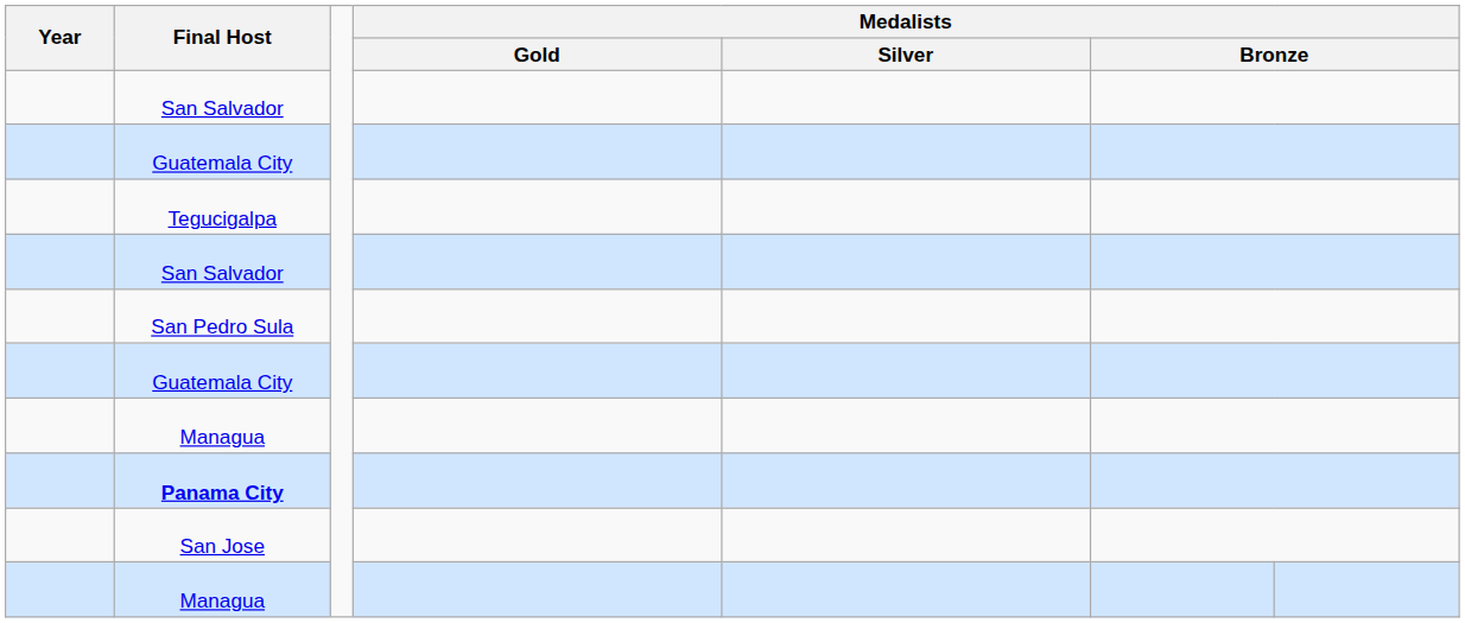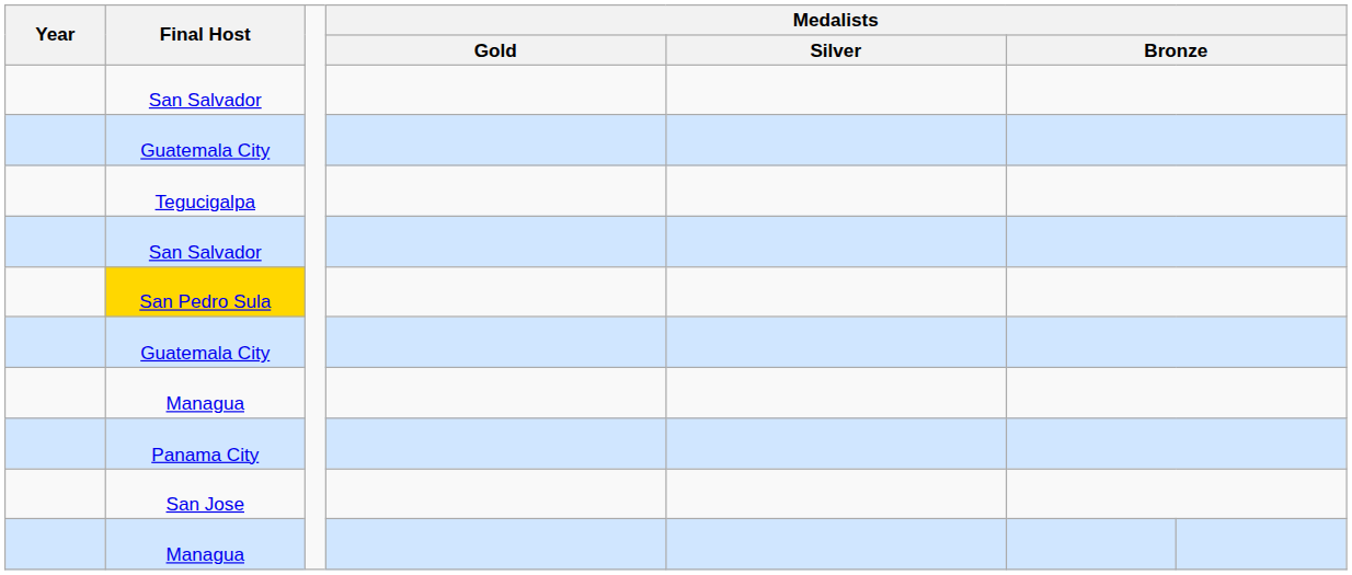 <table class="wikitable" style="font-size:90%; width:65%; text-align: center;">
 <tr>
 <th rowspan="2" style="width:5%;">Year</th>
 <th rowspan="2" style="width:10%;">Final Host</th>
 <td rowspan="50" style="width:1%; border-top:none; border-bottom:none;"></td>
 <th colspan=5>Medalists</th>
 </tr>
 <tr>
 <th width=17%>Gold</th>
 <th colspan="2" style="width:17%;">Silver</th>
 <th colspan="2" style="width:17%;">Bronze</th>
 </tr>
 <tr>
 <td></td>
 <td><br><a href='#'>San Salvador</a></td>
 <td><strong></strong></td>
 <td colspan=2></td>
 <td colspan=2></td>
 </tr>
 <tr style="background: #D0E6FF;">
 <td></td>
 <td><br><a href='#'>Guatemala City</a></td>
 <td><strong></strong></td>
 <td colspan=2></td>
 <td colspan=2></td>
 </tr>
 <tr>
 <td></td>
 <td><br><a href='#'>Tegucigalpa</a></td>
 <td><strong></strong></td>
 <td colspan=2></td>
 <td colspan=2></td>
 </tr>
 <tr style="background: #D0E6FF;">
 <td></td>
 <td><br><a href='#'>San Salvador</a></td>
 <td><strong></strong></td>
 <td colspan=2></td>
 <td colspan=2></td>
 </tr>
 <tr>
 <td></td>
-<td><br><a href='#'>San Pedro Sula</a></td>
+<td style="background: gold;"><br><a href='#'>San Pedro Sula</a></td>
 <td><strong></strong></td>
 <td colspan=2></td>
 <td colspan=2></td>
 </tr>
 <tr style="background: #D0E6FF;">
 <td></td>
 <td><br><a href='#'>Guatemala City</a></td>
 <td><strong></strong></td>
 <td colspan=2></td>
 <td colspan=2></td>
 </tr>
 <tr>
 <td></td>
 <td><br><a href='#'>Managua</a></td>
 <td><strong></strong></td>
 <td colspan=2></td>
 <td colspan=2></td>
 </tr>
 <tr style="background: #D0E6FF;">
 <td></td>
-<td><strong><br><a href='#'>Panama City</a></strong></td>
+<td><br><a href='#'>Panama City</a></td>
 <td><strong></strong></td>
 <td colspan=2></td>
 <td colspan=2></td>
 </tr>
 <tr>
 <td></td>
 <td><br><a href='#'>San Jose</a></td>
 <td><strong></strong></td>
 <td colspan=2></td>
 <td colspan=2></td>
 </tr>
 <tr style="background: #D0E6FF;">
 <td></td>
 <td><br><a href='#'>Managua</a></td>
 <td><strong></strong></td>
 <td colspan=2></td>
 <td width=8.5%></td>
 <td width=8.5%></td>
 </tr>
 </table>
